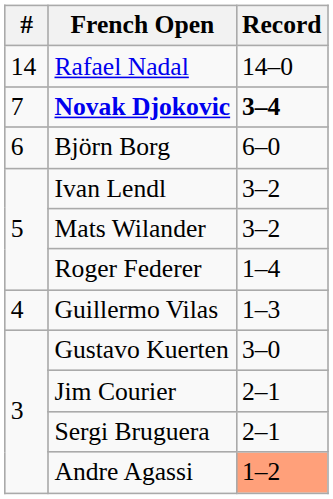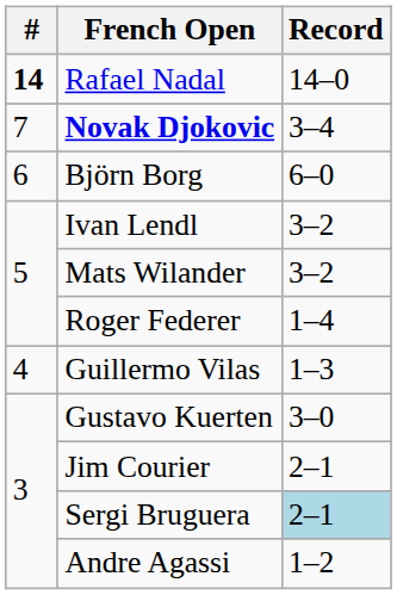 <table class="wikitable" style="display:inline-table;">
 <tr>
 <th width=20>#</th>
 <th>French Open</th>
 <th>Record</th>
 </tr>
 <tr>
-<td>14</td>
+<td><strong>14</strong></td>
 <td> <a href='#'>Rafael Nadal</a></td>
 <td>14–0</td>
 </tr>
 <tr>
 <td>7</td>
 <td><strong> <a href='#'>Novak Djokovic</a></strong></td>
-<td><strong>3–4</strong></td>
+<td>3–4</td>
 </tr>
 <tr>
 <td>6</td>
 <td> Björn Borg</td>
 <td>6–0</td>
 </tr>
 <tr>
 <td rowspan="3">5</td>
 <td> Ivan Lendl</td>
 <td>3–2</td>
 </tr>
 <tr>
 <td> Mats Wilander</td>
 <td>3–2</td>
 </tr>
 <tr>
 <td> Roger Federer</td>
 <td>1–4</td>
 </tr>
 <tr>
 <td>4</td>
 <td> Guillermo Vilas</td>
 <td>1–3</td>
 </tr>
 <tr>
 <td rowspan="4">3</td>
 <td> Gustavo Kuerten</td>
 <td>3–0</td>
 </tr>
 <tr>
 <td> Jim Courier</td>
 <td>2–1</td>
 </tr>
 <tr>
 <td> Sergi Bruguera</td>
-<td>2–1</td>
+<td style="background: lightblue;">2–1</td>
 </tr>
 <tr>
 <td> Andre Agassi</td>
-<td style="background: lightsalmon;">1–2</td>
+<td>1–2</td>
 </tr>
 </table>
